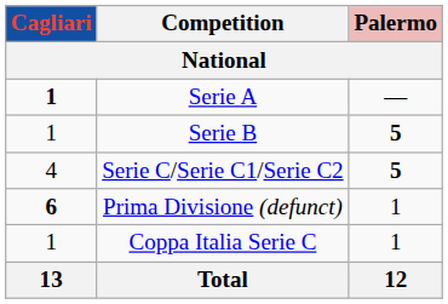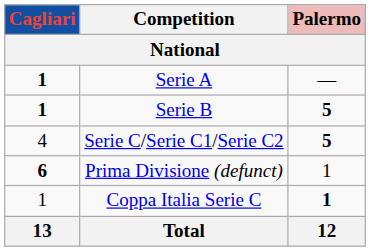 <table class="wikitable sortable" style="width:auto; margin:auto;">
 <tr>
 <th style="color:#ed4336; background-color:#114fa2;">Cagliari</th>
 <th>Competition</th>
 <th style="color:black; background-color:#EEBBBB;">Palermo</th>
 </tr>
 <tr style="text-align:center;">
 <th colspan="4">National</th>
 </tr>
 <tr style="text-align:center;">
 <td><strong>1</strong></td>
 <td><a href='#'>Serie A</a></td>
 <td>—</td>
 </tr>
 <tr style="text-align:center;">
-<td>1</td>
+<td><strong>1</strong></td>
 <td><a href='#'>Serie B</a></td>
 <td><strong>5</strong></td>
 </tr>
 <tr style="text-align:center;">
 <td>4</td>
 <td><a href='#'>Serie C</a>/<a href='#'>Serie C1</a>/<a href='#'>Serie C2</a></td>
 <td><strong>5</strong></td>
 </tr>
 <tr style="text-align:center;">
 <td><strong>6</strong></td>
 <td><a href='#'>Prima Divisione</a> <em>(defunct)</em></td>
 <td>1</td>
 </tr>
 <tr style="text-align:center;">
 <td>1</td>
 <td><a href='#'>Coppa Italia Serie C</a></td>
-<td>1</td>
+<td><strong>1</strong></td>
 </tr>
 <tr align="center">
 <th>13</th>
 <th>Total</th>
 <th>12</th>
 </tr>
 </table>
